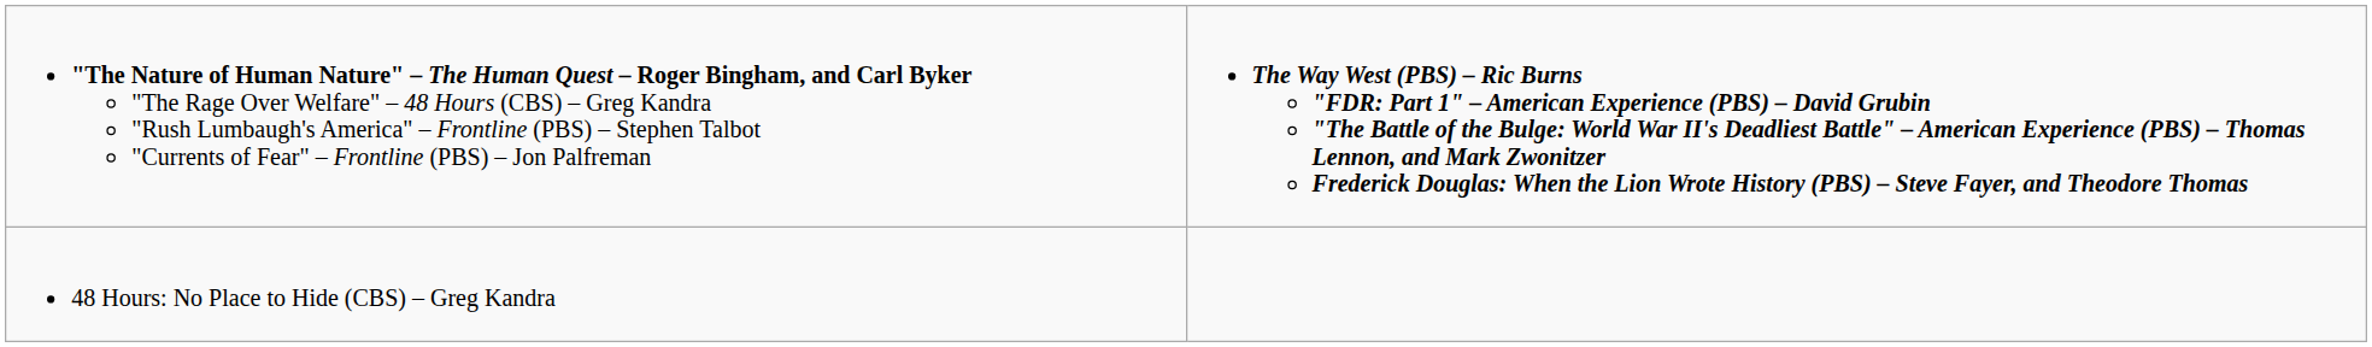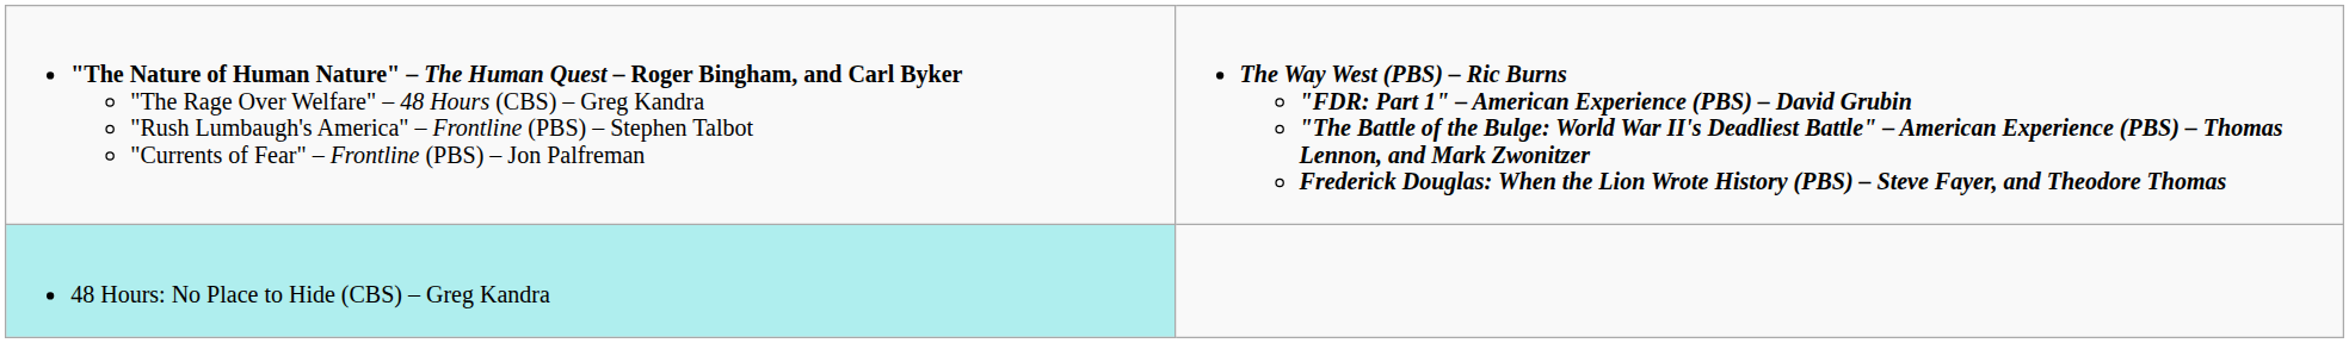 <table class="wikitable">
 <tr>
 <td valign="top" width="50%"><br><ul><li><strong>"The Nature of Human Nature" – <em>The Human Quest</em> – Roger Bingham, and Carl Byker</strong><ul><li>"The Rage Over Welfare" – <em>48 Hours</em> (CBS) – Greg Kandra</li><li>"Rush Lumbaugh's America" – <em>Frontline</em> (PBS) – Stephen Talbot</li><li>"Currents of Fear" – <em>Frontline</em> (PBS) – Jon Palfreman</li></ul></li></ul></td>
 <td valign="top" width="50%"><br><ul><li><strong><em>The Way West<em> (PBS) – Ric Burns<strong><ul><li>"FDR: Part 1" – </em>American Experience<em> (PBS) – David Grubin</li><li>"The Battle of the Bulge: World War II's Deadliest Battle" – </em>American Experience<em> (PBS) – Thomas Lennon, and Mark Zwonitzer</li><li></em>Frederick Douglas: When the Lion Wrote History<em> (PBS) – Steve Fayer, and Theodore Thomas</li></ul></li></ul></td>
 </tr>
 <tr>
-<td valign="top" width="50%"><br><ul><li></em></strong>48 Hours: No Place to Hide</em> (CBS) – Greg Kandra</strong></li></ul></td>
+<td valign="top" width="50%" style="background: paleturquoise;"><br><ul><li></em></strong>48 Hours: No Place to Hide</em> (CBS) – Greg Kandra</strong></li></ul></td>
 </tr>
 </table>
